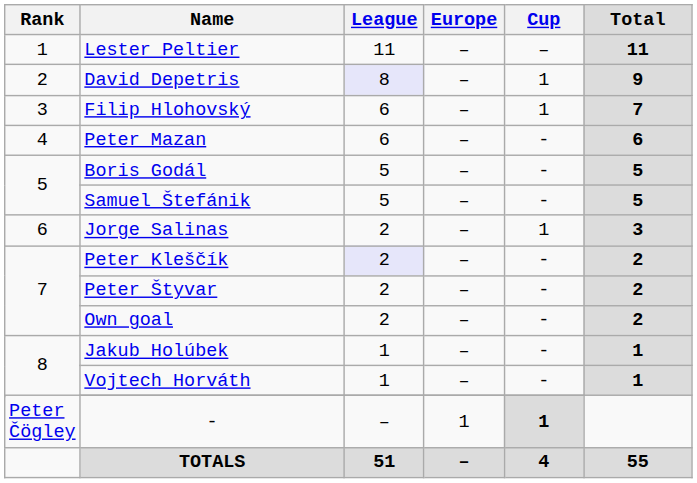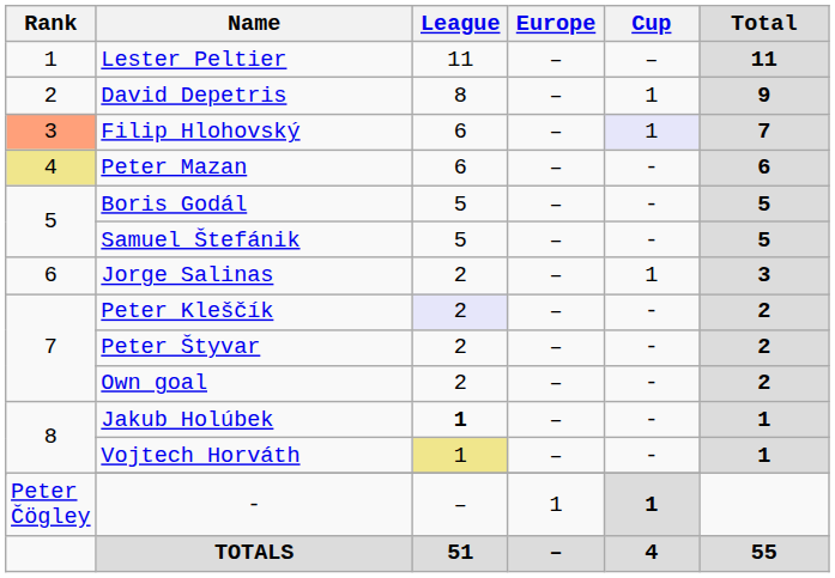 <table class="wikitable" style="text-align: center;">
 <tr>
 <th width=40>Rank</th>
 <th width=180>Name</th>
 <th width=50><a href='#'>League</a></th>
 <th width=50><a href='#'>Europe</a></th>
 <th width=50><a href='#'>Cup</a></th>
 <th width=70 style="background: #DCDCDC">Total</th>
 </tr>
 <tr>
 <td rowspan=1>1</td>
 <td style="text-align:left;"> <a href='#'>Lester Peltier</a></td>
 <td>11</td>
 <td>–</td>
 <td>–</td>
 <th style="background: #DCDCDC"><strong>11</strong></th>
 </tr>
 <tr>
 <td rowspan=1>2</td>
 <td style="text-align:left;"> <a href='#'>David Depetris</a></td>
-<td style="background: lavender;">8</td>
+<td>8</td>
 <td>–</td>
 <td>1</td>
 <th style="background: #DCDCDC"><strong>9</strong></th>
 </tr>
 <tr>
-<td rowspan=1>3</td>
+<td rowspan=1 style="background: lightsalmon;">3</td>
 <td style="text-align:left;"> <a href='#'>Filip Hlohovský</a></td>
 <td>6</td>
 <td>–</td>
-<td>1</td>
+<td style="background: lavender;">1</td>
 <th style="background: #DCDCDC"><strong>7</strong></th>
 </tr>
 <tr>
-<td rowspan=1>4</td>
+<td rowspan=1 style="background: khaki;">4</td>
 <td style="text-align:left;"> <a href='#'>Peter Mazan</a></td>
 <td>6</td>
 <td>–</td>
 <td>-</td>
 <th style="background: #DCDCDC"><strong>6</strong></th>
 </tr>
 <tr>
 <td rowspan=2>5</td>
 <td style="text-align:left;"> <a href='#'>Boris Godál</a></td>
 <td>5</td>
 <td>–</td>
 <td>-</td>
 <th style="background: #DCDCDC"><strong>5</strong></th>
 </tr>
 <tr>
 <td style="text-align:left;"> <a href='#'>Samuel Štefánik</a></td>
 <td>5</td>
 <td>–</td>
 <td>-</td>
 <th style="background: #DCDCDC"><strong>5</strong></th>
 </tr>
 <tr>
 <td rowspan=1>6</td>
 <td style="text-align:left;"> <a href='#'>Jorge Salinas</a></td>
 <td>2</td>
 <td>–</td>
 <td>1</td>
 <th style="background: #DCDCDC"><strong>3</strong></th>
 </tr>
 <tr>
 <td rowspan=3>7</td>
 <td style="text-align:left;"> <a href='#'>Peter Kleščík</a></td>
 <td style="background: lavender;">2</td>
 <td>–</td>
 <td>-</td>
 <th style="background: #DCDCDC"><strong>2</strong></th>
 </tr>
 <tr>
 <td style="text-align:left;"> <a href='#'>Peter Štyvar</a></td>
 <td>2</td>
 <td>–</td>
 <td>-</td>
 <th style="background: #DCDCDC"><strong>2</strong></th>
 </tr>
 <tr>
 <td style="text-align:left;"><a href='#'>Own goal</a></td>
 <td>2</td>
 <td>–</td>
 <td>-</td>
 <th style="background: #DCDCDC"><strong>2</strong></th>
 </tr>
 <tr>
 <td rowspan=3>8</td>
 <td style="text-align:left;"> <a href='#'>Jakub Holúbek</a></td>
-<td>1</td>
+<td><strong>1</strong></td>
 <td>–</td>
 <td>-</td>
 <th style="background: #DCDCDC"><strong>1</strong></th>
 </tr>
 <tr>
 <td style="text-align:left;"> <a href='#'>Vojtech Horváth</a></td>
-<td>1</td>
+<td style="background: khaki;">1</td>
 <td>–</td>
 <td>-</td>
 <th style="background: #DCDCDC"><strong>1</strong></th>
 </tr>
 <tr>
 </tr>
 <tr>
 <td style="text-align:left;"> <a href='#'>Peter Čögley</a></td>
 <td>-</td>
 <td>–</td>
 <td>1</td>
 <th style="background: #DCDCDC"><strong>1</strong></th>
 </tr>
 <tr>
 <td></td>
 <th style="background: #DCDCDC"><strong>TOTALS</strong></th>
 <th style="background: #DCDCDC"><strong>51</strong></th>
 <th style="background: #DCDCDC"><strong>–</strong></th>
 <th style="background: #DCDCDC"><strong>4</strong></th>
 <th style="background: #DCDCDC"><strong>55</strong></th>
 </tr>
 </table>
